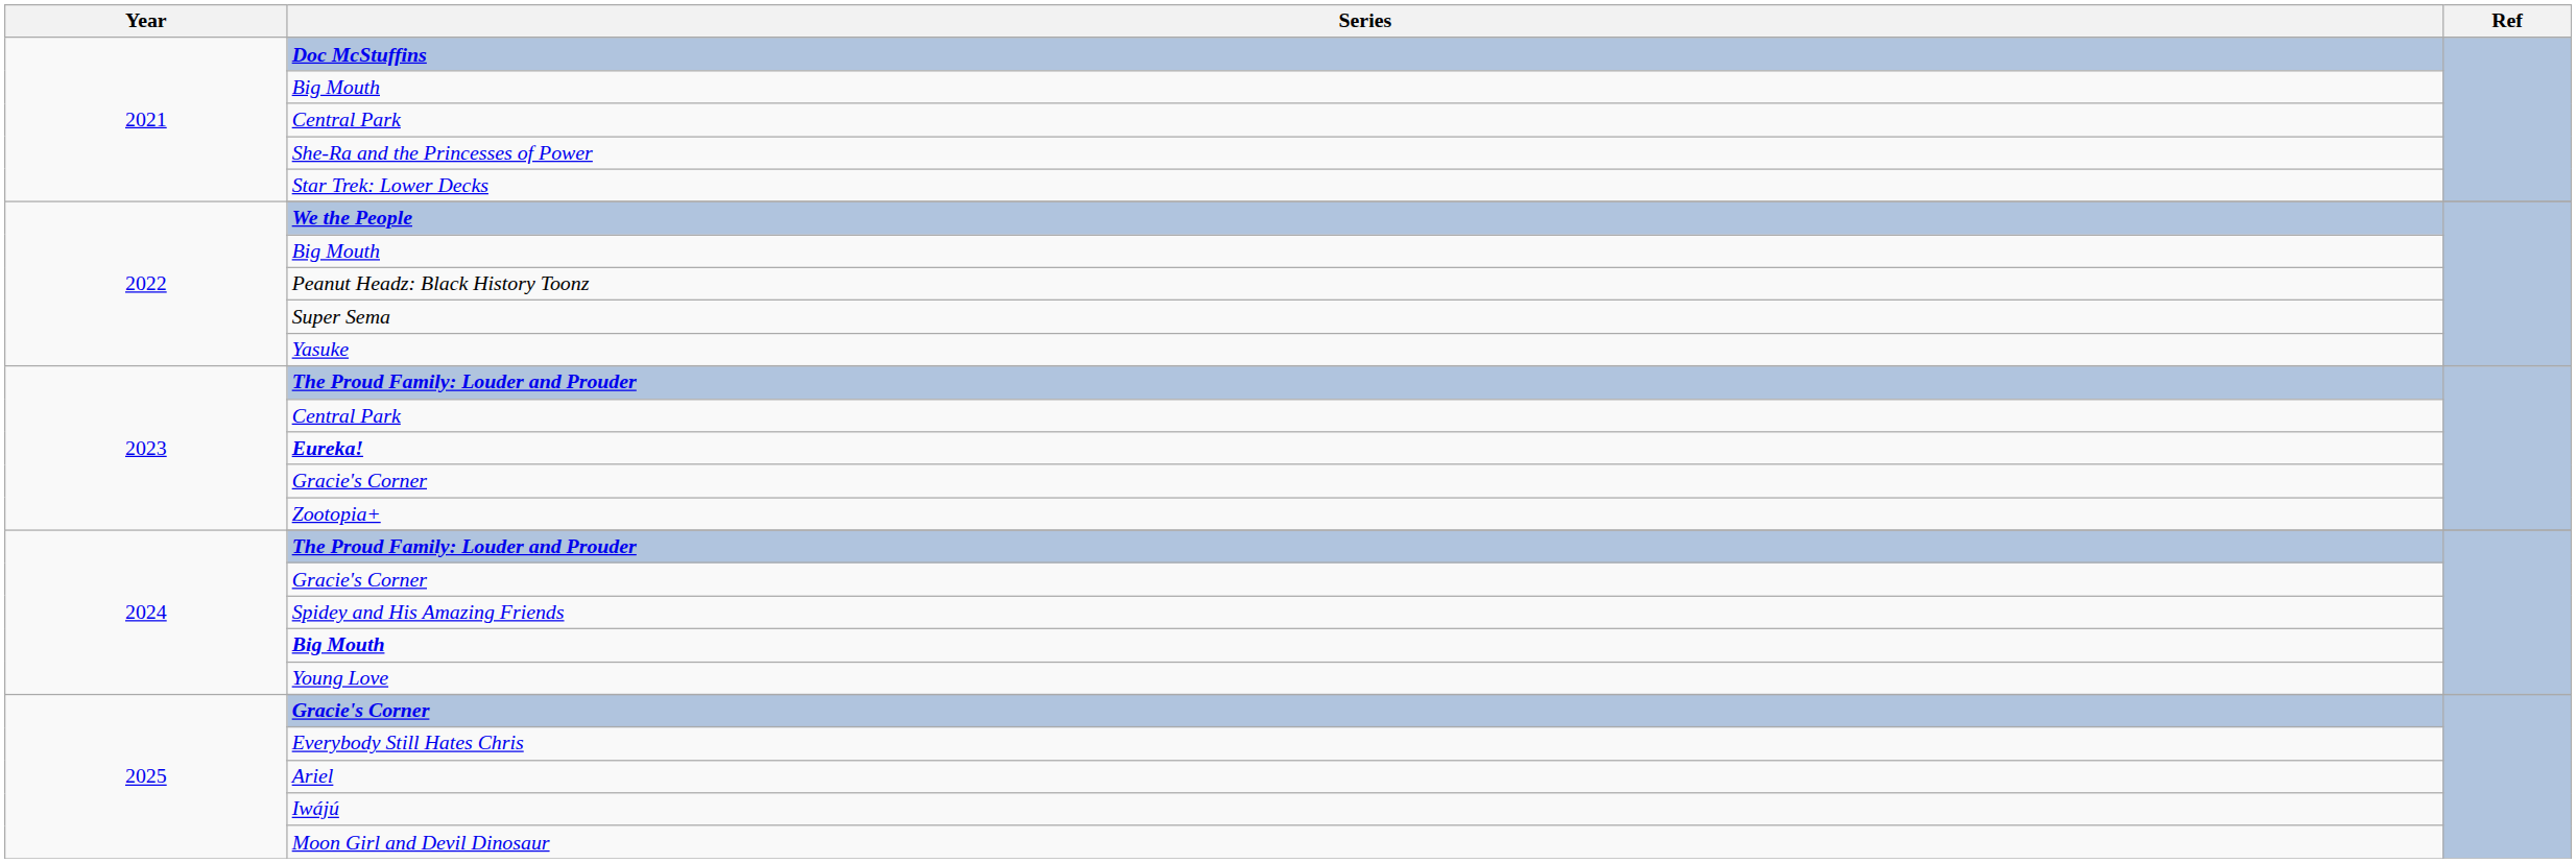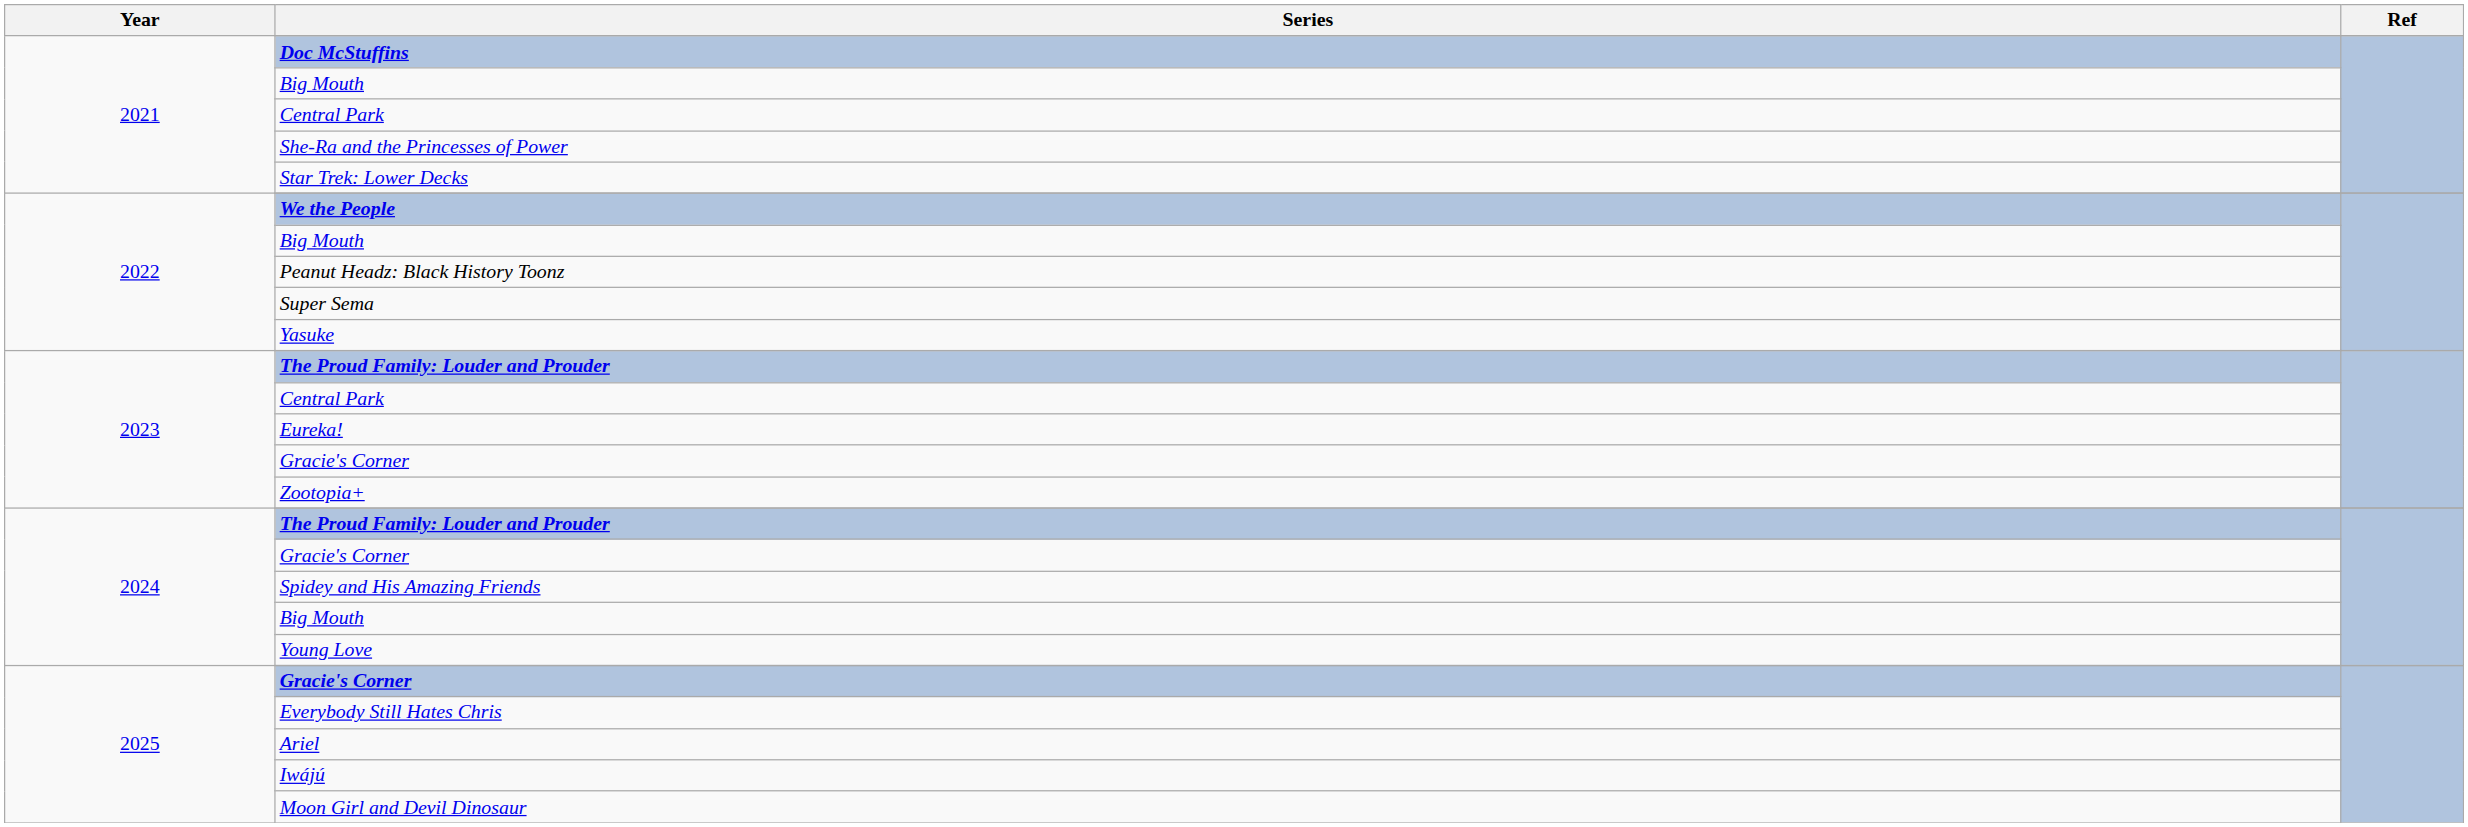 <table class="wikitable" style="width:100%;">
 <tr>
 <th style="width:11%;">Year</th>
 <th style="width:84%;">Series</th>
 <th>Ref</th>
 </tr>
 <tr>
 <td rowspan="6" align="center"><a href='#'>2021</a></td>
 </tr>
 <tr style="background:#B0C4DE">
 <td><strong><em><a href='#'>Doc McStuffins</a></em></strong></td>
 <td rowspan="5"></td>
 </tr>
 <tr>
 <td><em><a href='#'>Big Mouth</a></em></td>
 </tr>
 <tr>
 <td><em><a href='#'>Central Park</a></em></td>
 </tr>
 <tr>
 <td><em><a href='#'>She-Ra and the Princesses of Power</a></em></td>
 </tr>
 <tr>
 <td><em><a href='#'>Star Trek: Lower Decks</a></em></td>
 </tr>
 <tr>
 <td rowspan="6" align="center"><a href='#'>2022</a></td>
 </tr>
 <tr style="background:#B0C4DE">
 <td><strong><em><a href='#'>We the People</a></em></strong></td>
 <td rowspan="5"></td>
 </tr>
 <tr>
 <td><em><a href='#'>Big Mouth</a></em></td>
 </tr>
 <tr>
 <td><em>Peanut Headz: Black History Toonz</em></td>
 </tr>
 <tr>
 <td><em>Super Sema</em></td>
 </tr>
 <tr>
 <td><em><a href='#'>Yasuke</a></em></td>
 </tr>
 <tr>
 <td rowspan="6" align="center"><a href='#'>2023</a></td>
 </tr>
 <tr style="background:#B0C4DE">
 <td><strong><em><a href='#'>The Proud Family: Louder and Prouder</a></em></strong></td>
 <td rowspan="5"></td>
 </tr>
 <tr>
 <td><em><a href='#'>Central Park</a></em></td>
 </tr>
 <tr>
-<td><strong><em><a href='#'>Eureka!</a></em></strong></td>
+<td><em><a href='#'>Eureka!</a></em></td>
 </tr>
 <tr>
 <td><em><a href='#'>Gracie's Corner</a></em></td>
 </tr>
 <tr>
 <td><em><a href='#'>Zootopia+</a></em></td>
 </tr>
 <tr>
 <td rowspan="6" align="center"><a href='#'>2024</a></td>
 </tr>
 <tr style="background:#B0C4DE">
 <td><strong><em><a href='#'>The Proud Family: Louder and Prouder</a></em></strong></td>
 <td rowspan="5"></td>
 </tr>
 <tr>
 <td><em><a href='#'>Gracie's Corner</a></em></td>
 </tr>
 <tr>
 <td><em><a href='#'>Spidey and His Amazing Friends</a></em></td>
 </tr>
 <tr>
-<td><strong><em><a href='#'>Big Mouth</a></em></strong></td>
+<td><em><a href='#'>Big Mouth</a></em></td>
 </tr>
 <tr>
 <td><em><a href='#'>Young Love</a></em></td>
 </tr>
 <tr>
 <td rowspan="6" align="center"><a href='#'>2025</a></td>
 </tr>
 <tr style="background:#B0C4DE">
 <td><strong><em><a href='#'>Gracie's Corner</a></em></strong></td>
 <td rowspan="5"></td>
 </tr>
 <tr>
 <td><em><a href='#'>Everybody Still Hates Chris</a></em></td>
 </tr>
 <tr>
 <td><em><a href='#'>Ariel</a></em></td>
 </tr>
 <tr>
 <td><em><a href='#'>Iwájú</a></em></td>
 </tr>
 <tr>
 <td><em><a href='#'>Moon Girl and Devil Dinosaur</a></em></td>
 </tr>
 </table>
